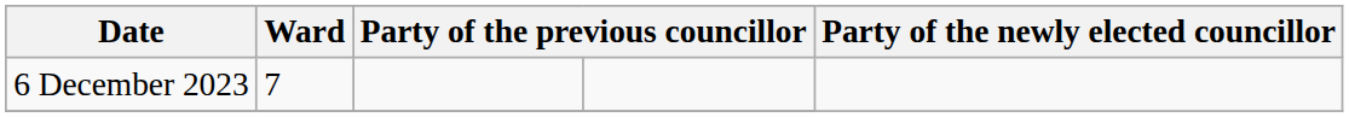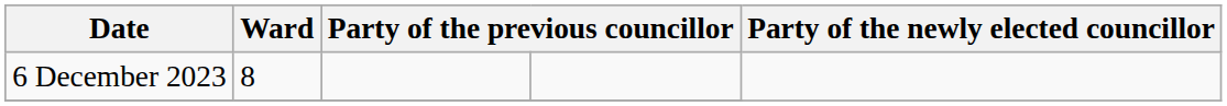 <table class="wikitable">
 <tr>
 <th>Date</th>
 <th>Ward</th>
 <th colspan=2>Party of the previous councillor</th>
 <th colspan=2>Party of the newly elected councillor</th>
 </tr>
 <tr>
 <td>6 December 2023</td>
-<td>7</td>
+<td>8</td>
 <td></td>
 <td></td>
 </tr>
 <tr>
 </tr>
 </table>
